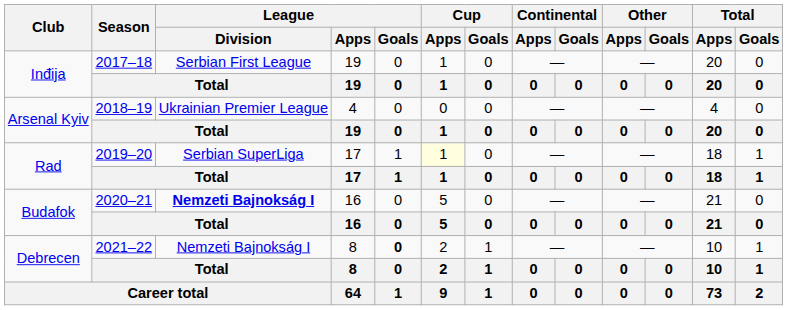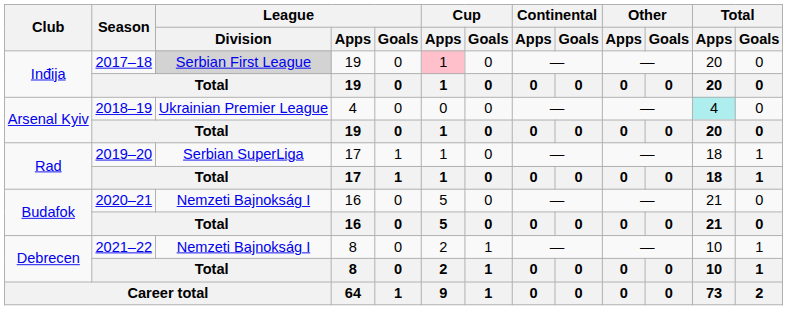 <table class="wikitable" style="text-align:center">
 <tr>
 <th rowspan="2">Club</th>
 <th rowspan="2">Season</th>
 <th colspan="3">League</th>
 <th colspan="2">Cup</th>
 <th colspan="2">Continental</th>
 <th colspan="2">Other</th>
 <th colspan="2">Total</th>
 </tr>
 <tr>
 <th>Division</th>
 <th>Apps</th>
 <th>Goals</th>
 <th>Apps</th>
 <th>Goals</th>
 <th>Apps</th>
 <th>Goals</th>
 <th>Apps</th>
 <th>Goals</th>
 <th>Apps</th>
 <th>Goals</th>
 </tr>
 <tr>
 <td rowspan="2"><a href='#'>Inđija</a></td>
 <td><a href='#'>2017–18</a></td>
-<td><a href='#'>Serbian First League</a></td>
+<td style="background: lightgrey;"><a href='#'>Serbian First League</a></td>
 <td>19</td>
 <td>0</td>
-<td>1</td>
+<td style="background: pink;">1</td>
 <td>0</td>
 <td colspan="2">—</td>
 <td colspan="2">—</td>
 <td>20</td>
 <td>0</td>
 </tr>
 <tr>
 <th colspan="2">Total</th>
 <th>19</th>
 <th>0</th>
 <th>1</th>
 <th>0</th>
 <th>0</th>
 <th>0</th>
 <th>0</th>
 <th>0</th>
 <th>20</th>
 <th>0</th>
 </tr>
 <tr>
 <td rowspan="2"><a href='#'>Arsenal Kyiv</a></td>
 <td><a href='#'>2018–19</a></td>
 <td><a href='#'>Ukrainian Premier League</a></td>
 <td>4</td>
 <td>0</td>
 <td>0</td>
 <td>0</td>
 <td colspan="2">—</td>
 <td colspan="2">—</td>
-<td>4</td>
+<td style="background: paleturquoise;">4</td>
 <td>0</td>
 </tr>
 <tr>
 <th colspan="2">Total</th>
 <th>19</th>
 <th>0</th>
 <th>1</th>
 <th>0</th>
 <th>0</th>
 <th>0</th>
 <th>0</th>
 <th>0</th>
 <th>20</th>
 <th>0</th>
 </tr>
 <tr>
 <td rowspan="2"><a href='#'>Rad</a></td>
 <td><a href='#'>2019–20</a></td>
 <td><a href='#'>Serbian SuperLiga</a></td>
 <td>17</td>
 <td>1</td>
-<td style="background: lightyellow;">1</td>
+<td>1</td>
 <td>0</td>
 <td colspan="2">—</td>
 <td colspan="2">—</td>
 <td>18</td>
 <td>1</td>
 </tr>
 <tr>
 <th colspan="2">Total</th>
 <th>17</th>
 <th>1</th>
 <th>1</th>
 <th>0</th>
 <th>0</th>
 <th>0</th>
 <th>0</th>
 <th>0</th>
 <th>18</th>
 <th>1</th>
 </tr>
 <tr>
 <td rowspan="2"><a href='#'>Budafok</a></td>
 <td><a href='#'>2020–21</a></td>
-<td><strong><a href='#'>Nemzeti Bajnokság I</a></strong></td>
+<td><a href='#'>Nemzeti Bajnokság I</a></td>
 <td>16</td>
 <td>0</td>
 <td>5</td>
 <td>0</td>
 <td colspan="2">—</td>
 <td colspan="2">—</td>
 <td>21</td>
 <td>0</td>
 </tr>
 <tr>
 <th colspan="2">Total</th>
 <th>16</th>
 <th>0</th>
 <th>5</th>
 <th>0</th>
 <th>0</th>
 <th>0</th>
 <th>0</th>
 <th>0</th>
 <th>21</th>
 <th>0</th>
 </tr>
 <tr>
 <td rowspan="2"><a href='#'>Debrecen</a></td>
 <td><a href='#'>2021–22</a></td>
 <td><a href='#'>Nemzeti Bajnokság I</a></td>
 <td>8</td>
-<td><strong>0</strong></td>
+<td>0</td>
 <td>2</td>
 <td>1</td>
 <td colspan="2">—</td>
 <td colspan="2">—</td>
 <td>10</td>
 <td>1</td>
 </tr>
 <tr>
 <th colspan="2">Total</th>
 <th>8</th>
 <th>0</th>
 <th>2</th>
 <th>1</th>
 <th>0</th>
 <th>0</th>
 <th>0</th>
 <th>0</th>
 <th>10</th>
 <th>1</th>
 </tr>
 <tr>
 <th colspan="3">Career total</th>
 <th>64</th>
 <th>1</th>
 <th>9</th>
 <th>1</th>
 <th>0</th>
 <th>0</th>
 <th>0</th>
 <th>0</th>
 <th>73</th>
 <th>2</th>
 </tr>
 </table>
